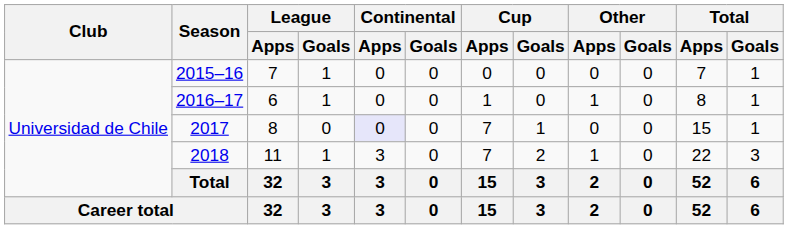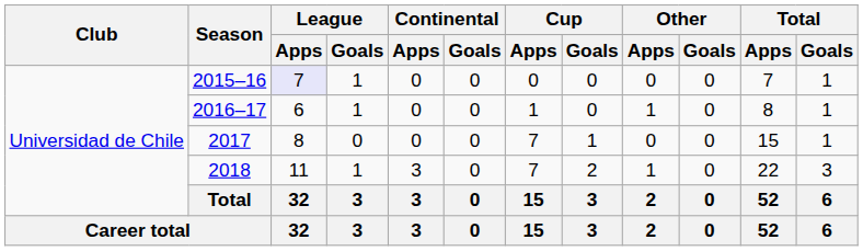 <table class="wikitable" style="text-align: center;">
 <tr>
 <th rowspan="2">Club</th>
 <th rowspan="2">Season</th>
 <th colspan="2">League</th>
 <th colspan="2">Continental</th>
 <th colspan="2">Cup</th>
 <th colspan="2">Other</th>
 <th colspan="2">Total</th>
 </tr>
 <tr>
 <th>Apps</th>
 <th>Goals</th>
 <th>Apps</th>
 <th>Goals</th>
 <th>Apps</th>
 <th>Goals</th>
 <th>Apps</th>
 <th>Goals</th>
 <th>Apps</th>
 <th>Goals</th>
 </tr>
 <tr>
 <td rowspan="5"><a href='#'>Universidad de Chile</a></td>
 <td><a href='#'>2015–16</a></td>
-<td>7</td>
+<td style="background: lavender;">7</td>
 <td>1</td>
 <td>0</td>
 <td>0</td>
 <td>0</td>
 <td>0</td>
 <td>0</td>
 <td>0</td>
 <td>7</td>
 <td>1</td>
 </tr>
 <tr>
 <td><a href='#'>2016–17</a></td>
 <td>6</td>
 <td>1</td>
 <td>0</td>
 <td>0</td>
 <td>1</td>
 <td>0</td>
 <td>1</td>
 <td>0</td>
 <td>8</td>
 <td>1</td>
 </tr>
 <tr>
 <td><a href='#'>2017</a></td>
 <td>8</td>
 <td>0</td>
-<td style="background: lavender;">0</td>
+<td>0</td>
 <td>0</td>
 <td>7</td>
 <td>1</td>
 <td>0</td>
 <td>0</td>
 <td>15</td>
 <td>1</td>
 </tr>
 <tr>
 <td><a href='#'>2018</a></td>
 <td>11</td>
 <td>1</td>
 <td>3</td>
 <td>0</td>
 <td>7</td>
 <td>2</td>
 <td>1</td>
 <td>0</td>
 <td>22</td>
 <td>3</td>
 </tr>
 <tr>
 <th>Total</th>
 <th>32</th>
 <th>3</th>
 <th>3</th>
 <th>0</th>
 <th>15</th>
 <th>3</th>
 <th>2</th>
 <th>0</th>
 <th>52</th>
 <th>6</th>
 </tr>
 <tr>
 <th colspan="2">Career total</th>
 <th>32</th>
 <th>3</th>
 <th>3</th>
 <th>0</th>
 <th>15</th>
 <th>3</th>
 <th>2</th>
 <th>0</th>
 <th>52</th>
 <th>6</th>
 </tr>
 </table>
